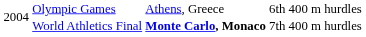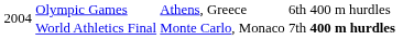 <table>
 <tr>
 <td rowspan=2>2004</td>
 <td><a href='#'>Olympic Games</a></td>
 <td><a href='#'>Athens</a>, Greece</td>
 <td>6th</td>
 <td>400 m hurdles</td>
 <td></td>
 </tr>
 <tr>
 <td><a href='#'>World Athletics Final</a></td>
-<td><strong><a href='#'>Monte Carlo</a>, Monaco</strong></td>
+<td><a href='#'>Monte Carlo</a>, Monaco</td>
 <td>7th</td>
-<td>400 m hurdles</td>
+<td><strong>400 m hurdles</strong></td>
 <td></td>
 </tr>
 </table>
